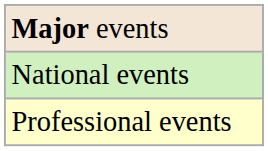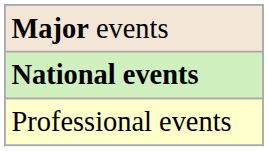 <table class="wikitable" style="font-size:95%;" width=11%>
 <tr style="background:#f3e6d7;">
 <td><strong>Major</strong> events</td>
 </tr>
 <tr style="background:#d0f0c0">
-<td>National events</td>
+<td><strong>National events</strong></td>
 </tr>
 <tr style="background:#ffc;">
 <td>Professional events</td>
 </tr>
 </table>
